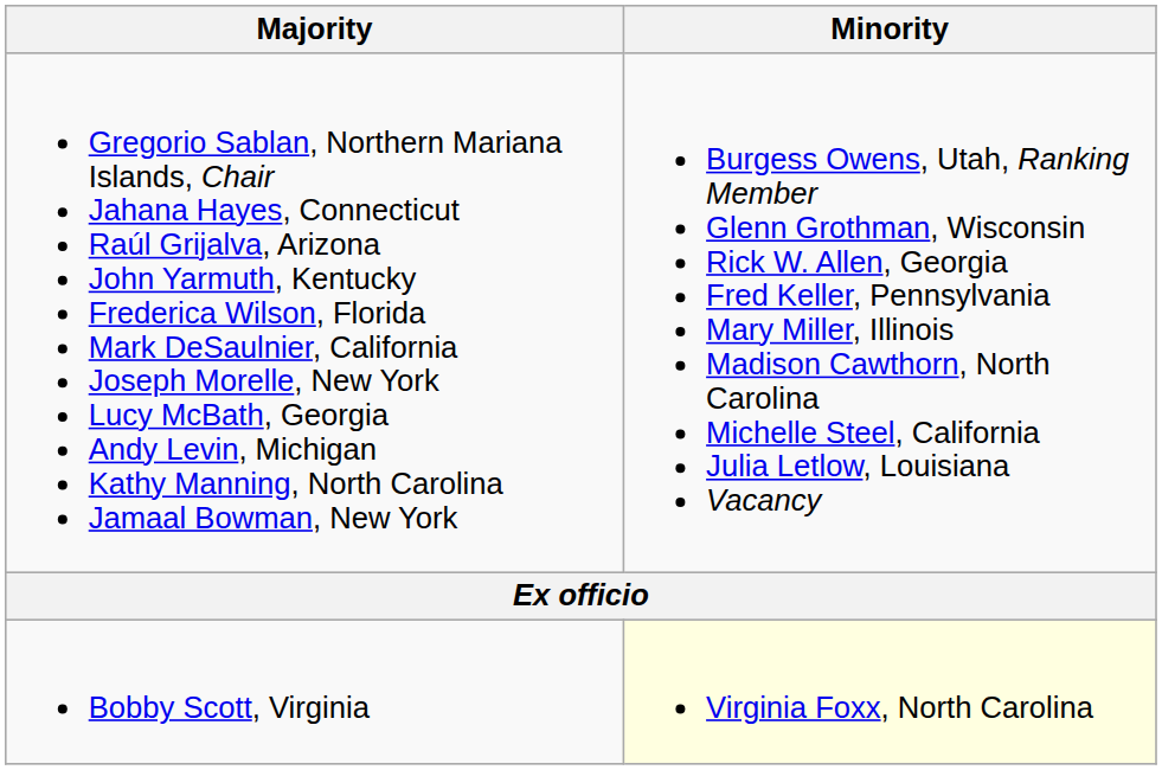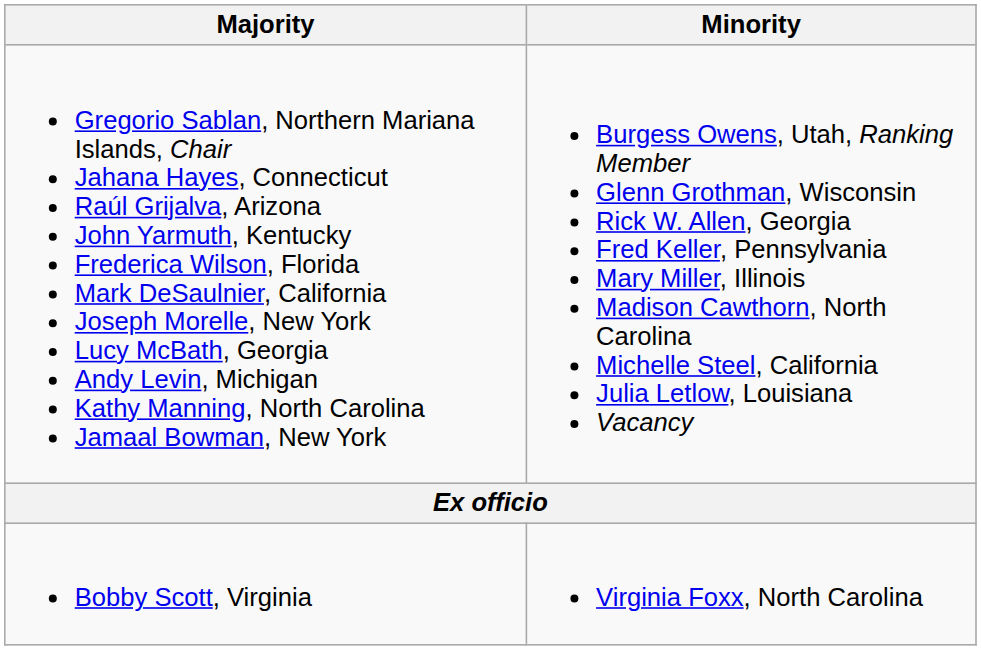 <table class=wikitable>
 <tr>
 <th>Majority</th>
 <th>Minority</th>
 </tr>
 <tr>
 <td><br><ul><li><a href='#'>Gregorio Sablan</a>, Northern Mariana Islands, <em>Chair</em></li><li><a href='#'>Jahana Hayes</a>, Connecticut</li><li><a href='#'>Raúl Grijalva</a>, Arizona</li><li><a href='#'>John Yarmuth</a>, Kentucky</li><li><a href='#'>Frederica Wilson</a>, Florida</li><li><a href='#'>Mark DeSaulnier</a>, California</li><li><a href='#'>Joseph Morelle</a>, New York</li><li><a href='#'>Lucy McBath</a>, Georgia</li><li><a href='#'>Andy Levin</a>, Michigan</li><li><a href='#'>Kathy Manning</a>, North Carolina</li><li><a href='#'>Jamaal Bowman</a>, New York</li></ul></td>
 <td><br><ul><li><a href='#'>Burgess Owens</a>, Utah, <em>Ranking Member</em></li><li><a href='#'>Glenn Grothman</a>, Wisconsin</li><li><a href='#'>Rick W. Allen</a>, Georgia</li><li><a href='#'>Fred Keller</a>, Pennsylvania</li><li><a href='#'>Mary Miller</a>, Illinois</li><li><a href='#'>Madison Cawthorn</a>, North Carolina</li><li><a href='#'>Michelle Steel</a>, California</li><li><a href='#'>Julia Letlow</a>, Louisiana</li><li><em>Vacancy</em></li></ul></td>
 </tr>
 <tr>
 <th colspan=2><em>Ex officio</em></th>
 </tr>
 <tr>
 <td><br><ul><li><a href='#'>Bobby Scott</a>, Virginia</li></ul></td>
-<td style="background: lightyellow;"><br><ul><li><a href='#'>Virginia Foxx</a>, North Carolina</li></ul></td>
+<td><br><ul><li><a href='#'>Virginia Foxx</a>, North Carolina</li></ul></td>
 </tr>
 </table>
